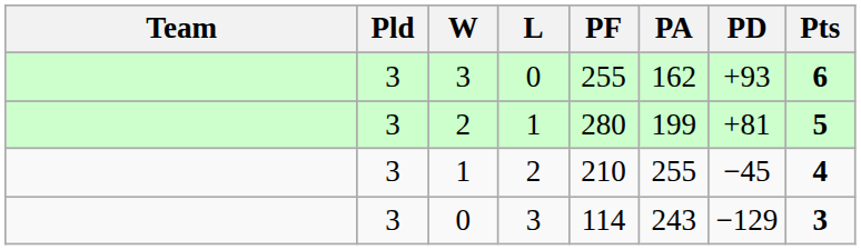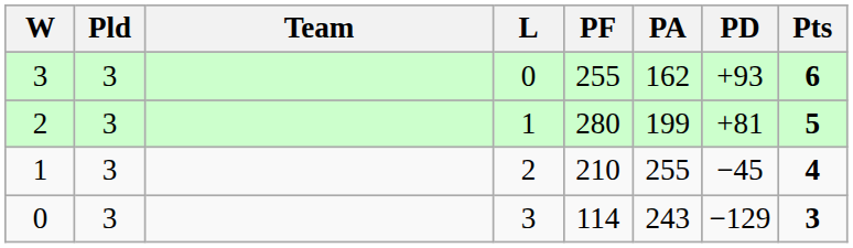 <table class="wikitable" style="text-align:center;">
 <tr>
+<th width=30>W</th>
+<th width=30>Pld</th>
 <th width=180>Team</th>
-<th width=30>Pld</th>
-<th width=30>W</th>
 <th width=30>L</th>
 <th width=30>PF</th>
 <th width=30>PA</th>
 <th width=30>PD</th>
 <th width=30>Pts</th>
 </tr>
 <tr bgcolor="#ccffcc">
-<td align=left></td>
 <td>3</td>
 <td>3</td>
+<td align=left></td>
 <td>0</td>
 <td>255</td>
 <td>162</td>
 <td>+93</td>
 <td><strong>6</strong></td>
 </tr>
 <tr bgcolor="#ccffcc">
+<td>2</td>
+<td>3</td>
 <td align=left></td>
-<td>3</td>
-<td>2</td>
 <td>1</td>
 <td>280</td>
 <td>199</td>
 <td>+81</td>
 <td><strong>5</strong></td>
 </tr>
 <tr>
+<td>1</td>
+<td>3</td>
 <td align=left></td>
-<td>3</td>
-<td>1</td>
 <td>2</td>
 <td>210</td>
 <td>255</td>
 <td>−45</td>
 <td><strong>4</strong></td>
 </tr>
 <tr>
+<td>0</td>
+<td>3</td>
 <td align=left></td>
-<td>3</td>
-<td>0</td>
 <td>3</td>
 <td>114</td>
 <td>243</td>
 <td>−129</td>
 <td><strong>3</strong></td>
 </tr>
 </table>
